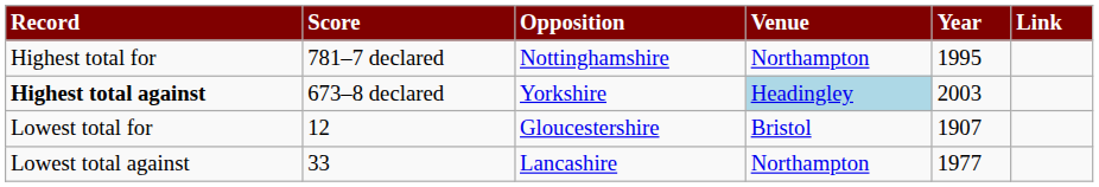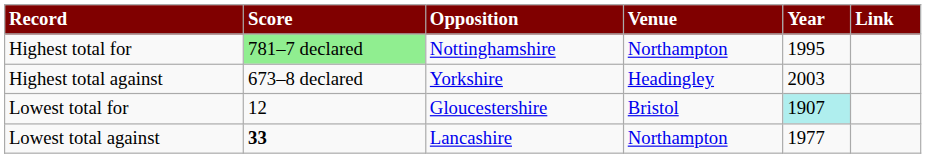 <table class="wikitable" style="width:62%">
 <tr>
 <th style="background:maroon; color:white; text-align:left;">Record</th>
 <th style="background:maroon; color:white; text-align:left;">Score</th>
 <th style="background:maroon; color:white; text-align:left;">Opposition</th>
 <th style="background:maroon; color:white; text-align:left;">Venue</th>
 <th style="background:maroon; color:white; text-align:left;">Year</th>
 <th style="background:maroon; color:white; text-align:left;">Link</th>
 </tr>
 <tr>
 <td>Highest total for</td>
-<td>781–7 declared</td>
+<td style="background: lightgreen;">781–7 declared</td>
 <td><a href='#'>Nottinghamshire</a></td>
 <td><a href='#'>Northampton</a></td>
 <td>1995</td>
 <td></td>
 </tr>
 <tr>
-<td><strong>Highest total against</strong></td>
+<td>Highest total against</td>
 <td>673–8 declared</td>
 <td><a href='#'>Yorkshire</a></td>
-<td style="background: lightblue;"><a href='#'>Headingley</a></td>
+<td><a href='#'>Headingley</a></td>
 <td>2003</td>
 <td></td>
 </tr>
 <tr>
 <td>Lowest total for</td>
 <td>12</td>
 <td><a href='#'>Gloucestershire</a></td>
 <td><a href='#'>Bristol</a></td>
-<td>1907</td>
+<td style="background: paleturquoise;">1907</td>
 <td></td>
 </tr>
 <tr>
 <td>Lowest total against</td>
-<td>33</td>
+<td><strong>33</strong></td>
 <td><a href='#'>Lancashire</a></td>
 <td><a href='#'>Northampton</a></td>
 <td>1977</td>
 <td></td>
 </tr>
 </table>
